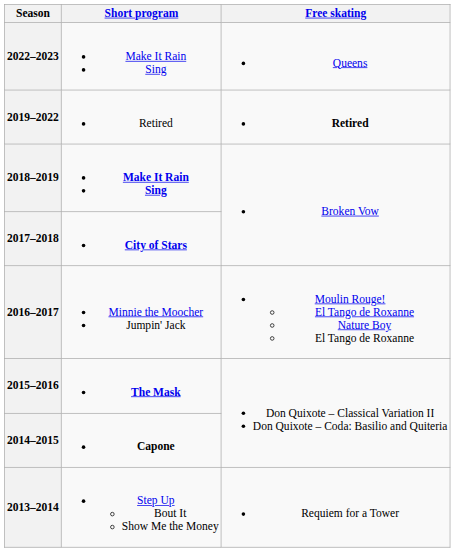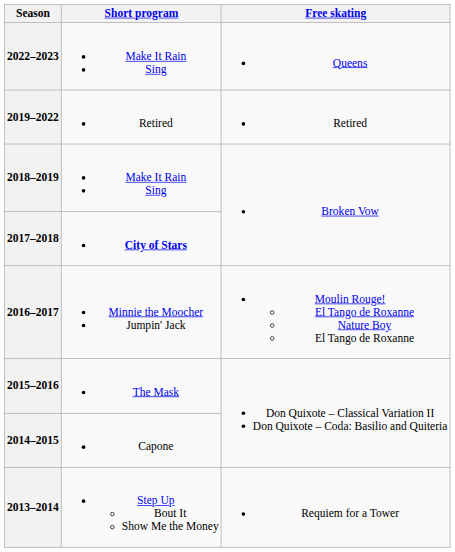 <table class=wikitable style=text-align:center>
 <tr>
 <th>Season</th>
 <th><a href='#'>Short program</a></th>
 <th><a href='#'>Free skating</a></th>
 </tr>
 <tr>
 <th>2022–2023 <br> </th>
 <td><br><ul><li><a href='#'>Make It Rain</a> <br></li><li><a href='#'>Sing</a> <br></li></ul></td>
 <td><br><ul><li><a href='#'>Queens</a> <br></li></ul></td>
 </tr>
 <tr>
 <th>2019–2022</th>
 <td><br><ul><li>Retired</li></ul></td>
-<td><strong><br><ul><li>Retired</li></ul></strong></td>
+<td><br><ul><li>Retired</li></ul></td>
 </tr>
 <tr>
 <th>2018–2019 <br> </th>
-<td><strong><br><ul><li><a href='#'>Make It Rain</a> <br></li><li><a href='#'>Sing</a> <br></li></ul></strong></td>
+<td><br><ul><li><a href='#'>Make It Rain</a> <br></li><li><a href='#'>Sing</a> <br></li></ul></td>
 <td rowspan=2><br><ul><li><a href='#'>Broken Vow</a> <br></li></ul></td>
 </tr>
 <tr>
 <th>2017–2018 <br> </th>
 <td><strong><br><ul><li><a href='#'>City of Stars</a> <br></li></ul></strong></td>
 </tr>
 <tr>
 <th>2016–2017 <br> </th>
 <td><br><ul><li><a href='#'>Minnie the Moocher</a> <br></li><li>Jumpin' Jack <br></li></ul></td>
 <td><br><ul><li><a href='#'>Moulin Rouge!</a><ul><li><a href='#'>El Tango de Roxanne</a> <br></li><li><a href='#'>Nature Boy</a> <br></li><li>El Tango de Roxanne <br></li></ul></li></ul></td>
 </tr>
 <tr>
 <th>2015–2016 <br> </th>
-<td><strong><br><ul><li><a href='#'>The Mask</a></li></ul></strong></td>
+<td><br><ul><li><a href='#'>The Mask</a></li></ul></td>
 <td rowspan=2><br><ul><li>Don Quixote – Classical Variation II <br></li><li>Don Quixote – Coda: Basilio and Quiteria <br></li></ul></td>
 </tr>
 <tr>
 <th>2014–2015 <br> </th>
-<td><strong><br><ul><li>Capone <br></li></ul></strong></td>
+<td><br><ul><li>Capone <br></li></ul></td>
 </tr>
 <tr>
 <th>2013–2014 <br> </th>
 <td><br><ul><li><a href='#'>Step Up</a><ul><li>Bout It</li><li>Show Me the Money</li></ul></li></ul></td>
 <td><br><ul><li>Requiem for a Tower <br></li></ul></td>
 </tr>
 </table>
